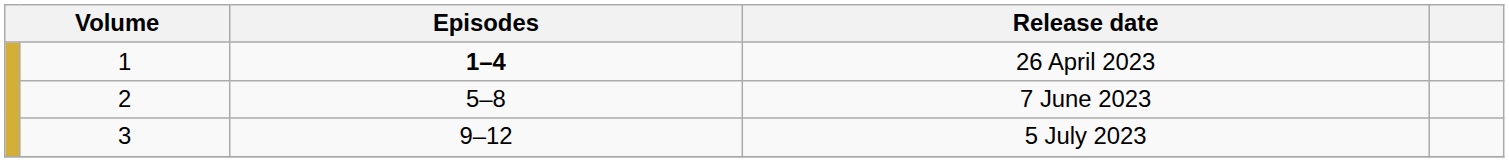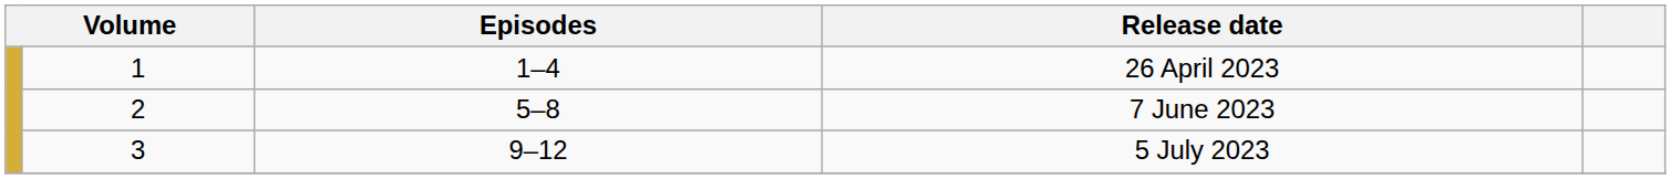 <table class="wikitable" style="text-align:center;">
 <tr>
 <th colspan="2" width="15%">Volume</th>
 <th>Episodes</th>
 <th>Release date</th>
 <th width="5%"></th>
 </tr>
 <tr>
 <td rowspan="3" style="background: #D4AF37" width="1%"></td>
 <td>1</td>
-<td><strong>1–4</strong></td>
+<td>1–4</td>
 <td>26 April 2023</td>
 <td></td>
 </tr>
 <tr>
 <td>2</td>
 <td>5–8</td>
 <td>7 June 2023</td>
 <td></td>
 </tr>
 <tr>
 <td>3</td>
 <td>9–12</td>
 <td>5 July 2023</td>
 <td></td>
 </tr>
 <tr>
 </tr>
 </table>
